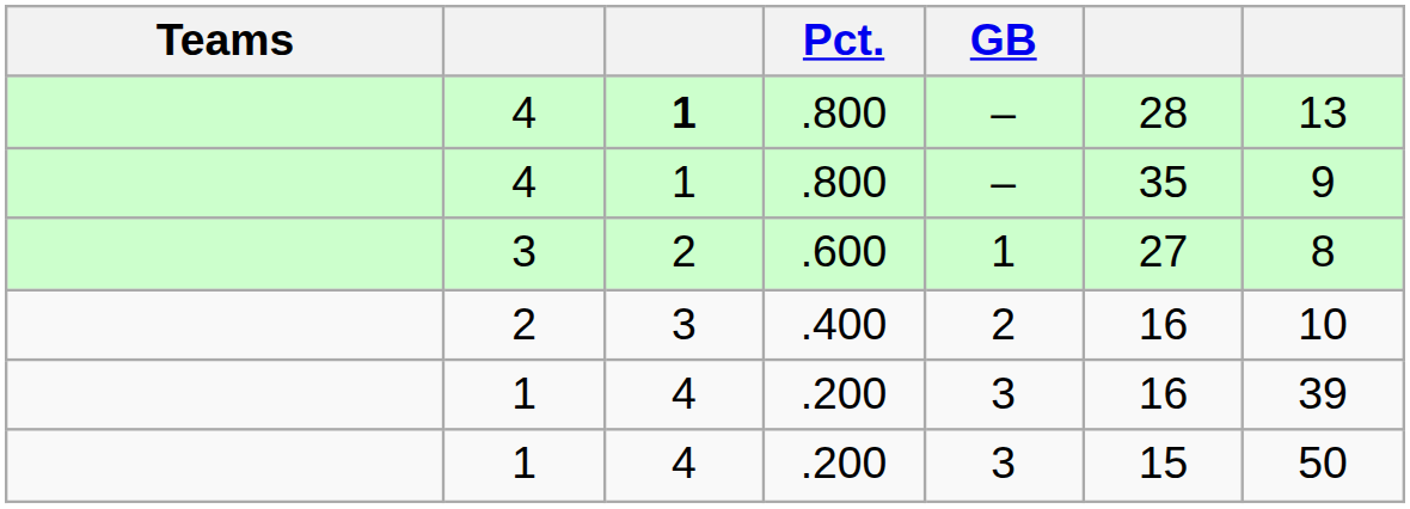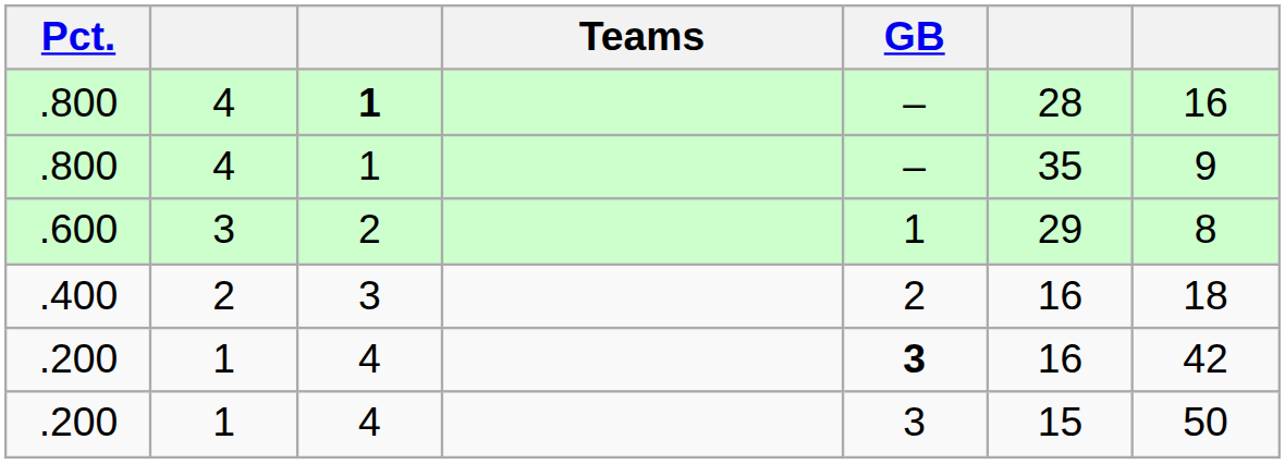 <table class="wikitable" style="text-align:center;">
 <tr>
-<th width=150px>Teams</th>
+<th width=50px><a href='#'>Pct.</a></th>
 <th width=50px></th>
 <th width=50px></th>
-<th width=50px><a href='#'>Pct.</a></th>
+<th width=150px>Teams</th>
 <th width=50px><a href='#'>GB</a></th>
 <th width=50px></th>
 <th width=50px></th>
 </tr>
 <tr style="background-color:#ccffcc">
-<td align=left></td>
+<td>.800</td>
 <td>4</td>
 <td><strong>1</strong></td>
-<td>.800</td>
+<td align=left></td>
 <td>–</td>
 <td>28</td>
-<td>13</td>
+<td>16</td>
 </tr>
 <tr style="background-color:#ccffcc">
-<td align=left></td>
+<td>.800</td>
 <td>4</td>
 <td>1</td>
-<td>.800</td>
+<td align=left></td>
 <td>–</td>
 <td>35</td>
 <td>9</td>
 </tr>
 <tr style="background-color:#ccffcc">
-<td align=left></td>
+<td>.600</td>
 <td>3</td>
 <td>2</td>
-<td>.600</td>
+<td align=left></td>
 <td>1</td>
-<td>27</td>
+<td>29</td>
 <td>8</td>
 </tr>
 <tr style="background-color:">
+<td>.400</td>
+<td>2</td>
+<td>3</td>
 <td align=left></td>
 <td>2</td>
-<td>3</td>
-<td>.400</td>
-<td>2</td>
 <td>16</td>
-<td>10</td>
+<td>18</td>
 </tr>
 <tr style="background-color:">
-<td align=left></td>
+<td>.200</td>
 <td>1</td>
 <td>4</td>
-<td>.200</td>
-<td>3</td>
+<td align=left></td>
+<td><strong>3</strong></td>
 <td>16</td>
-<td>39</td>
+<td>42</td>
 </tr>
 <tr style="background-color:">
-<td align=left></td>
+<td>.200</td>
 <td>1</td>
 <td>4</td>
-<td>.200</td>
+<td align=left></td>
 <td>3</td>
 <td>15</td>
 <td>50</td>
 </tr>
 </table>
